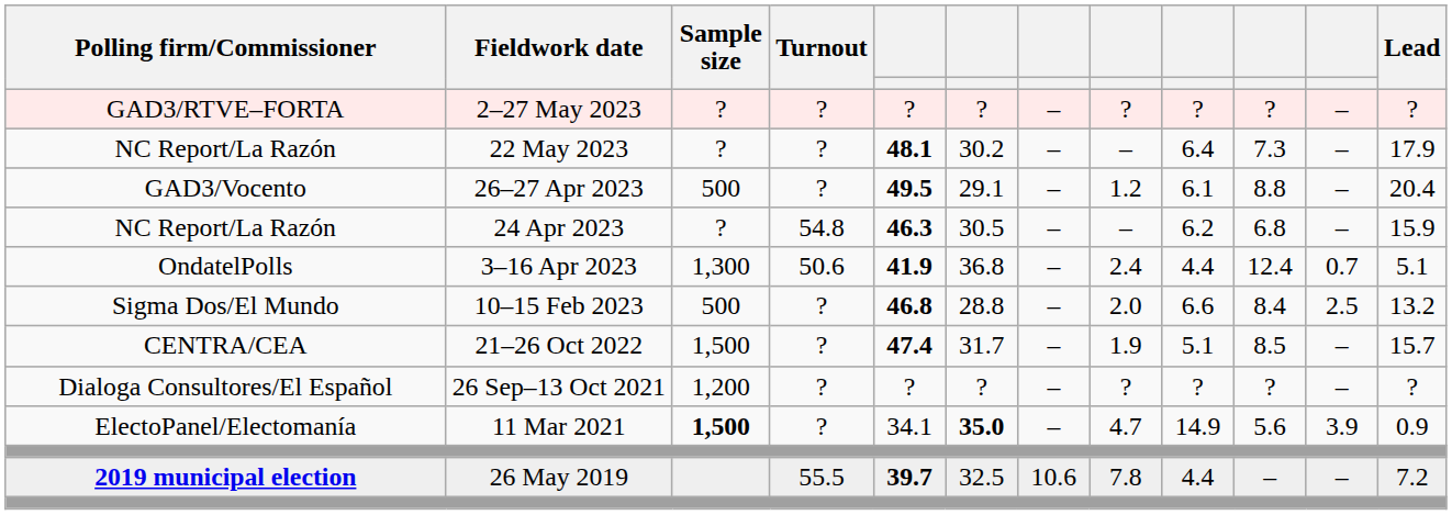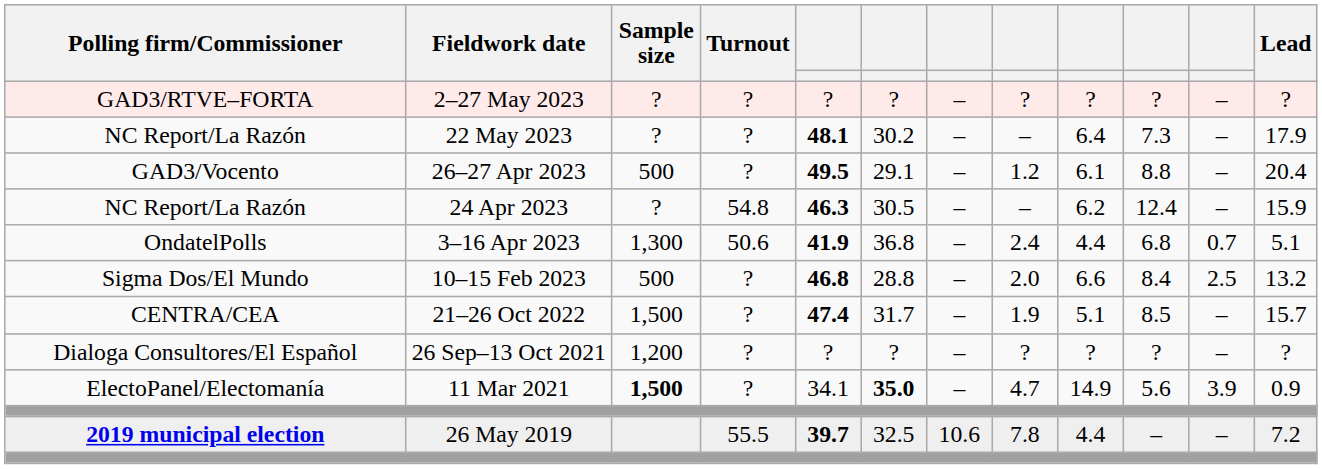 <table class="wikitable collapsible collapsed" style="text-align:center; font-size:95%; line-height:16px;">
 <tr style="height:42px;">
 <th style="width:250px;" rowspan="2">Polling firm/Commissioner</th>
 <th style="width:125px;" rowspan="2">Fieldwork date</th>
 <th style="width:50px;" rowspan="2">Sample size</th>
 <th style="width:45px;" rowspan="2">Turnout</th>
 <th style="width:35px;"></th>
 <th style="width:35px;"></th>
 <th style="width:35px;"></th>
 <th style="width:35px;"></th>
 <th style="width:35px;"></th>
 <th style="width:35px;"></th>
 <th style="width:35px;"></th>
 <th style="width:30px;" rowspan="2">Lead</th>
 </tr>
 <tr>
 <th style="color:inherit;background:"></th>
 <th style="color:inherit;background:"></th>
 <th style="color:inherit;background:"></th>
 <th style="color:inherit;background:"></th>
 <th style="color:inherit;background:"></th>
 <th style="color:inherit;background:"></th>
 <th style="color:inherit;background:"></th>
 </tr>
 <tr style="background:#FFEAEA;">
 <td>GAD3/RTVE–FORTA</td>
 <td>2–27 May 2023</td>
 <td>?</td>
 <td>?</td>
 <td>?<br></td>
 <td>?<br></td>
 <td>–</td>
 <td>?<br></td>
 <td>?<br></td>
 <td>?<br></td>
 <td>–</td>
 <td style="background:">?</td>
 </tr>
 <tr>
 <td>NC Report/La Razón</td>
 <td>22 May 2023</td>
 <td>?</td>
 <td>?</td>
 <td><strong>48.1</strong><br></td>
 <td>30.2<br></td>
 <td>–</td>
 <td>–</td>
 <td>6.4<br></td>
 <td>7.3<br></td>
 <td>–</td>
 <td style="background:">17.9</td>
 </tr>
 <tr>
 <td>GAD3/Vocento</td>
 <td>26–27 Apr 2023</td>
 <td>500</td>
 <td>?</td>
 <td><strong>49.5</strong><br></td>
 <td>29.1<br></td>
 <td>–</td>
 <td>1.2<br></td>
 <td>6.1<br></td>
 <td>8.8<br></td>
 <td>–</td>
 <td style="background:">20.4</td>
 </tr>
 <tr>
 <td>NC Report/La Razón</td>
 <td>24 Apr 2023</td>
 <td>?</td>
 <td>54.8</td>
 <td><strong>46.3</strong><br></td>
 <td>30.5<br></td>
 <td>–</td>
 <td>–</td>
 <td>6.2<br></td>
-<td>6.8<br></td>
+<td>12.4<br></td>
 <td>–</td>
 <td style="background:">15.9</td>
 </tr>
 <tr>
 <td>OndatelPolls</td>
 <td>3–16 Apr 2023</td>
 <td>1,300</td>
 <td>50.6</td>
 <td><strong>41.9</strong><br></td>
 <td>36.8<br></td>
 <td>–</td>
 <td>2.4<br></td>
 <td>4.4<br></td>
-<td>12.4<br></td>
+<td>6.8<br></td>
 <td>0.7<br></td>
 <td style="background:">5.1</td>
 </tr>
 <tr>
 <td>Sigma Dos/El Mundo</td>
 <td>10–15 Feb 2023</td>
 <td>500</td>
 <td>?</td>
 <td><strong>46.8</strong><br></td>
 <td>28.8<br></td>
 <td>–</td>
 <td>2.0<br></td>
 <td>6.6<br></td>
 <td>8.4<br></td>
 <td>2.5<br></td>
 <td style="background:">13.2</td>
 </tr>
 <tr>
 <td>CENTRA/CEA</td>
 <td>21–26 Oct 2022</td>
 <td>1,500</td>
 <td>?</td>
 <td><strong>47.4</strong><br></td>
 <td>31.7<br></td>
 <td>–</td>
 <td>1.9<br></td>
 <td>5.1<br></td>
 <td>8.5<br></td>
 <td>–</td>
 <td style="background:">15.7</td>
 </tr>
 <tr>
 <td>Dialoga Consultores/El Español</td>
 <td>26 Sep–13 Oct 2021</td>
 <td>1,200</td>
 <td>?</td>
 <td>?<br></td>
 <td>?<br></td>
 <td>–</td>
 <td>?<br></td>
 <td>?<br></td>
 <td>?<br></td>
 <td>–</td>
 <td style="background:">?</td>
 </tr>
 <tr>
 <td>ElectoPanel/Electomanía</td>
 <td>11 Mar 2021</td>
 <td><strong>1,500</strong></td>
 <td>?</td>
 <td>34.1<br></td>
 <td><strong>35.0</strong><br></td>
 <td>–</td>
 <td>4.7<br></td>
 <td>14.9<br></td>
 <td>5.6<br></td>
 <td>3.9<br></td>
 <td style="background:">0.9</td>
 </tr>
 <tr>
 <td colspan="12" style="background:#A0A0A0"></td>
 </tr>
 <tr style="background:#EFEFEF;">
 <td><strong><a href='#'>2019 municipal election</a></strong></td>
 <td>26 May 2019</td>
 <td></td>
 <td>55.5</td>
 <td><strong>39.7</strong><br></td>
 <td>32.5<br></td>
 <td>10.6<br></td>
 <td>7.8<br></td>
 <td>4.4<br></td>
 <td>–</td>
 <td>–</td>
 <td style="background:">7.2</td>
 </tr>
 <tr>
 <td colspan="12" style="background:#A0A0A0"></td>
 </tr>
 </table>
